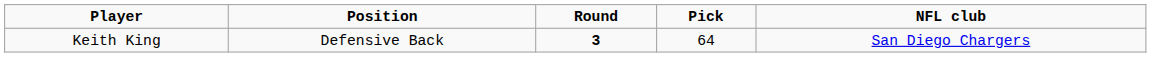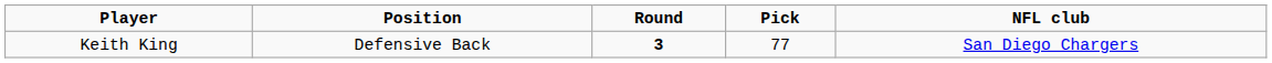 <table class="wikitable" width="80%">
 <tr align="center">
 <td><strong>Player</strong></td>
 <td><strong>Position</strong></td>
 <td><strong>Round</strong></td>
 <td><strong>Pick</strong></td>
 <td><strong>NFL club</strong></td>
 </tr>
 <tr align="center" bgcolor="">
 <td>Keith King</td>
 <td>Defensive Back</td>
 <td><strong>3</strong></td>
-<td>64</td>
+<td>77</td>
 <td><a href='#'>San Diego Chargers</a></td>
 </tr>
 </table>
